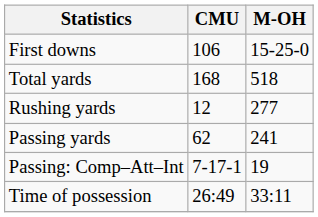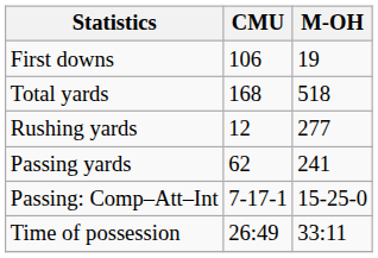 <table class="wikitable" style="float: left;">
 <tr>
 <th>Statistics</th>
 <th>CMU</th>
 <th>M-OH</th>
 </tr>
 <tr>
 <td>First downs</td>
 <td>106</td>
-<td>15-25-0</td>
+<td>19</td>
 </tr>
 <tr>
 <td>Total yards</td>
 <td>168</td>
 <td>518</td>
 </tr>
 <tr>
 <td>Rushing yards</td>
 <td>12</td>
 <td>277</td>
 </tr>
 <tr>
 <td>Passing yards</td>
 <td>62</td>
 <td>241</td>
 </tr>
 <tr>
 <td>Passing: Comp–Att–Int</td>
 <td>7-17-1</td>
-<td>19</td>
+<td>15-25-0</td>
 </tr>
 <tr>
 <td>Time of possession</td>
 <td>26:49</td>
 <td>33:11</td>
 </tr>
 <tr>
 </tr>
 </table>
